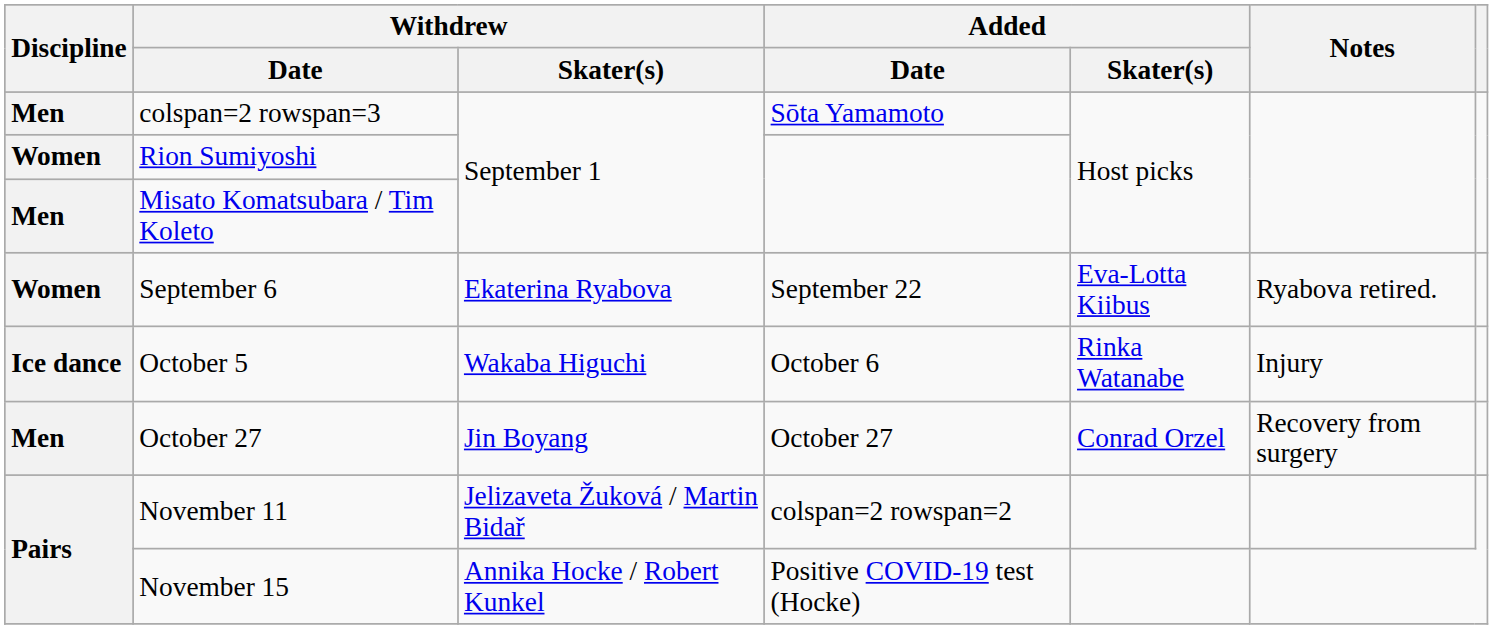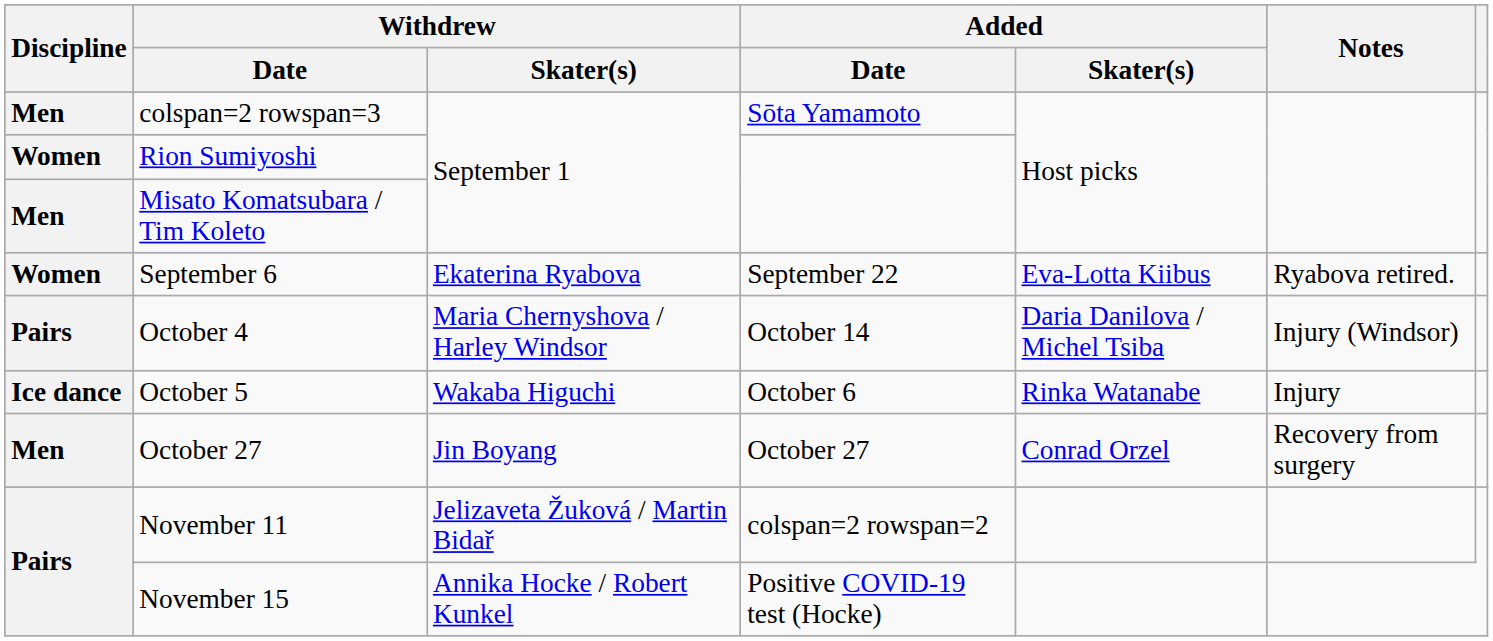 <table class="wikitable unsortable">
 <tr>
 <th scope="col" rowspan=2>Discipline</th>
 <th scope="col" colspan=2>Withdrew</th>
 <th scope="col" colspan=2>Added</th>
 <th scope="col" rowspan=2>Notes</th>
 <th scope="col" rowspan=2></th>
 </tr>
 <tr>
 <th>Date</th>
 <th>Skater(s)</th>
 <th>Date</th>
 <th>Skater(s)</th>
 </tr>
 <tr>
 <th scope="row" style="text-align:left">Men</th>
 <td>colspan=2 rowspan=3 </td>
 <td rowspan=3>September 1</td>
 <td> <a href='#'>Sōta Yamamoto</a></td>
 <td rowspan=3>Host picks</td>
 <td rowspan=3></td>
 </tr>
 <tr>
 <th scope="row" style="text-align:left">Women</th>
 <td> <a href='#'>Rion Sumiyoshi</a></td>
 </tr>
 <tr>
 <th scope="row" style="text-align:left">Men</th>
 <td> <a href='#'>Misato Komatsubara</a> / <a href='#'>Tim Koleto</a></td>
 </tr>
 <tr>
 <th scope="row" style="text-align:left">Women</th>
 <td>September 6</td>
 <td> <a href='#'>Ekaterina Ryabova</a></td>
 <td>September 22</td>
 <td> <a href='#'>Eva-Lotta Kiibus</a></td>
 <td>Ryabova retired.</td>
 <td></td>
 </tr>
 <tr>
+<th scope="row" style="text-align:left">Pairs</th>
+<td>October 4</td>
+<td> <a href='#'>Maria Chernyshova</a> / <a href='#'>Harley Windsor</a></td>
+<td>October 14</td>
+<td> <a href='#'>Daria Danilova</a> / <a href='#'>Michel Tsiba</a></td>
+<td>Injury (Windsor)</td>
+<td></td>
+</tr>
+<tr>
 <th scope="row" style="text-align:left">Ice dance</th>
 <td>October 5</td>
 <td> <a href='#'>Wakaba Higuchi</a></td>
 <td>October 6</td>
 <td> <a href='#'>Rinka Watanabe</a></td>
 <td>Injury</td>
 <td></td>
 </tr>
 <tr>
 <th scope="row" style="text-align:left">Men</th>
 <td>October 27</td>
 <td> <a href='#'>Jin Boyang</a></td>
 <td>October 27</td>
 <td> <a href='#'>Conrad Orzel</a></td>
 <td>Recovery from surgery</td>
 <td></td>
 </tr>
 <tr>
 <th scope="row" style="text-align:left" rowspan=2>Pairs</th>
 <td>November 11</td>
 <td> <a href='#'>Jelizaveta Žuková</a> / <a href='#'>Martin Bidař</a></td>
 <td>colspan=2 rowspan=2 </td>
 <td></td>
 <td></td>
 </tr>
 <tr>
 <td>November 15</td>
 <td> <a href='#'>Annika Hocke</a> / <a href='#'>Robert Kunkel</a></td>
 <td>Positive <a href='#'>COVID-19</a> test (Hocke)</td>
 <td></td>
 </tr>
 </table>
